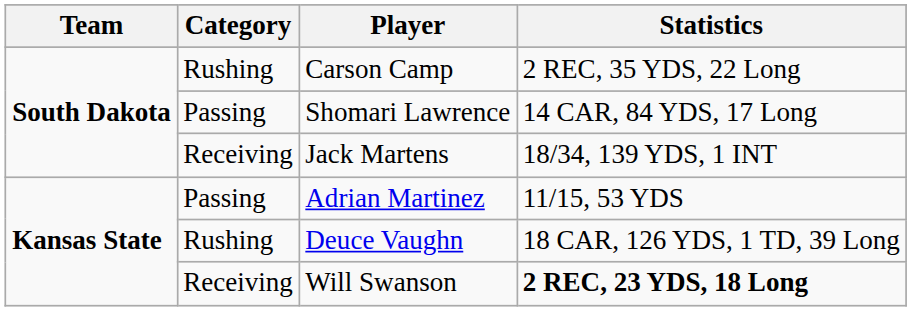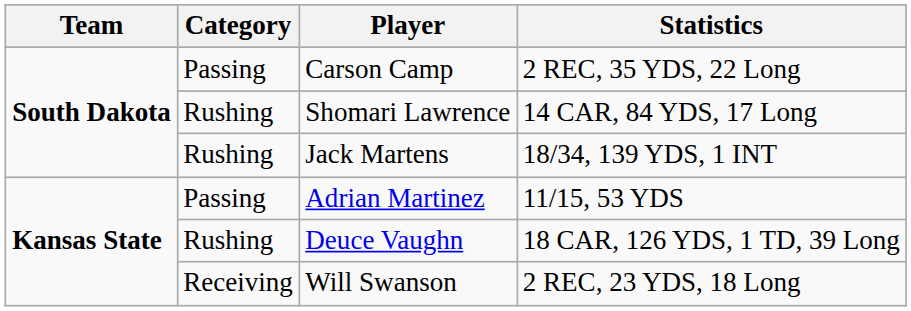 <table class="wikitable" style="float: right;">
 <tr>
 <th>Team</th>
 <th>Category</th>
 <th>Player</th>
 <th>Statistics</th>
 </tr>
 <tr>
 <td rowspan=3><strong>South Dakota</strong></td>
-<td>Rushing</td>
+<td>Passing</td>
 <td>Carson Camp</td>
 <td>2 REC, 35 YDS, 22 Long</td>
 </tr>
 <tr>
-<td>Passing</td>
+<td>Rushing</td>
 <td>Shomari Lawrence</td>
 <td>14 CAR, 84 YDS, 17 Long</td>
 </tr>
 <tr>
-<td>Receiving</td>
+<td>Rushing</td>
 <td>Jack Martens</td>
 <td>18/34, 139 YDS, 1 INT</td>
 </tr>
 <tr>
 <td rowspan=3><strong>Kansas State</strong></td>
 <td>Passing</td>
 <td><a href='#'>Adrian Martinez</a></td>
 <td>11/15, 53 YDS</td>
 </tr>
 <tr>
 <td>Rushing</td>
 <td><a href='#'>Deuce Vaughn</a></td>
 <td>18 CAR, 126 YDS, 1 TD, 39 Long</td>
 </tr>
 <tr>
 <td>Receiving</td>
 <td>Will Swanson</td>
-<td><strong>2 REC, 23 YDS, 18 Long</strong></td>
+<td>2 REC, 23 YDS, 18 Long</td>
 </tr>
 </table>
